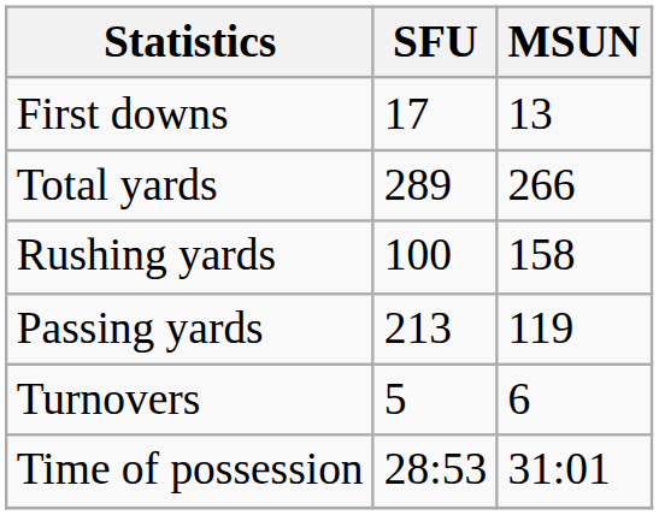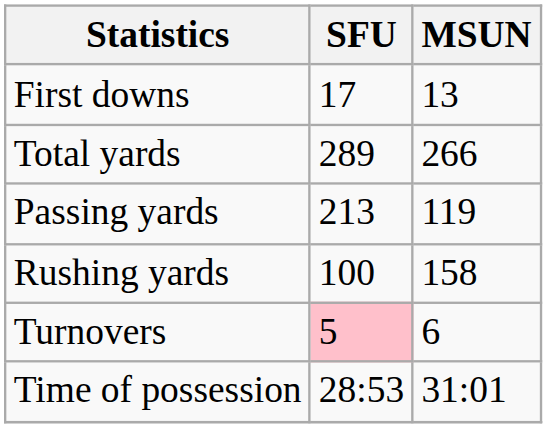 <table class="wikitable" style="float: left;">
 <tr>
 <th>Statistics</th>
 <th>SFU</th>
 <th>MSUN</th>
 </tr>
 <tr>
 <td>First downs</td>
 <td>17</td>
 <td>13</td>
 </tr>
 <tr>
 <td>Total yards</td>
 <td>289</td>
 <td>266</td>
 </tr>
 <tr>
+<td>Passing yards</td>
+<td>213</td>
+<td>119</td>
+</tr>
+<tr>
 <td>Rushing yards</td>
 <td>100</td>
 <td>158</td>
 </tr>
 <tr>
-<td>Passing yards</td>
-<td>213</td>
-<td>119</td>
-</tr>
-<tr>
 <td>Turnovers</td>
-<td>5</td>
+<td style="background: pink;">5</td>
 <td>6</td>
 </tr>
 <tr>
 <td>Time of possession</td>
 <td>28:53</td>
 <td>31:01</td>
 </tr>
 <tr>
 </tr>
 </table>
